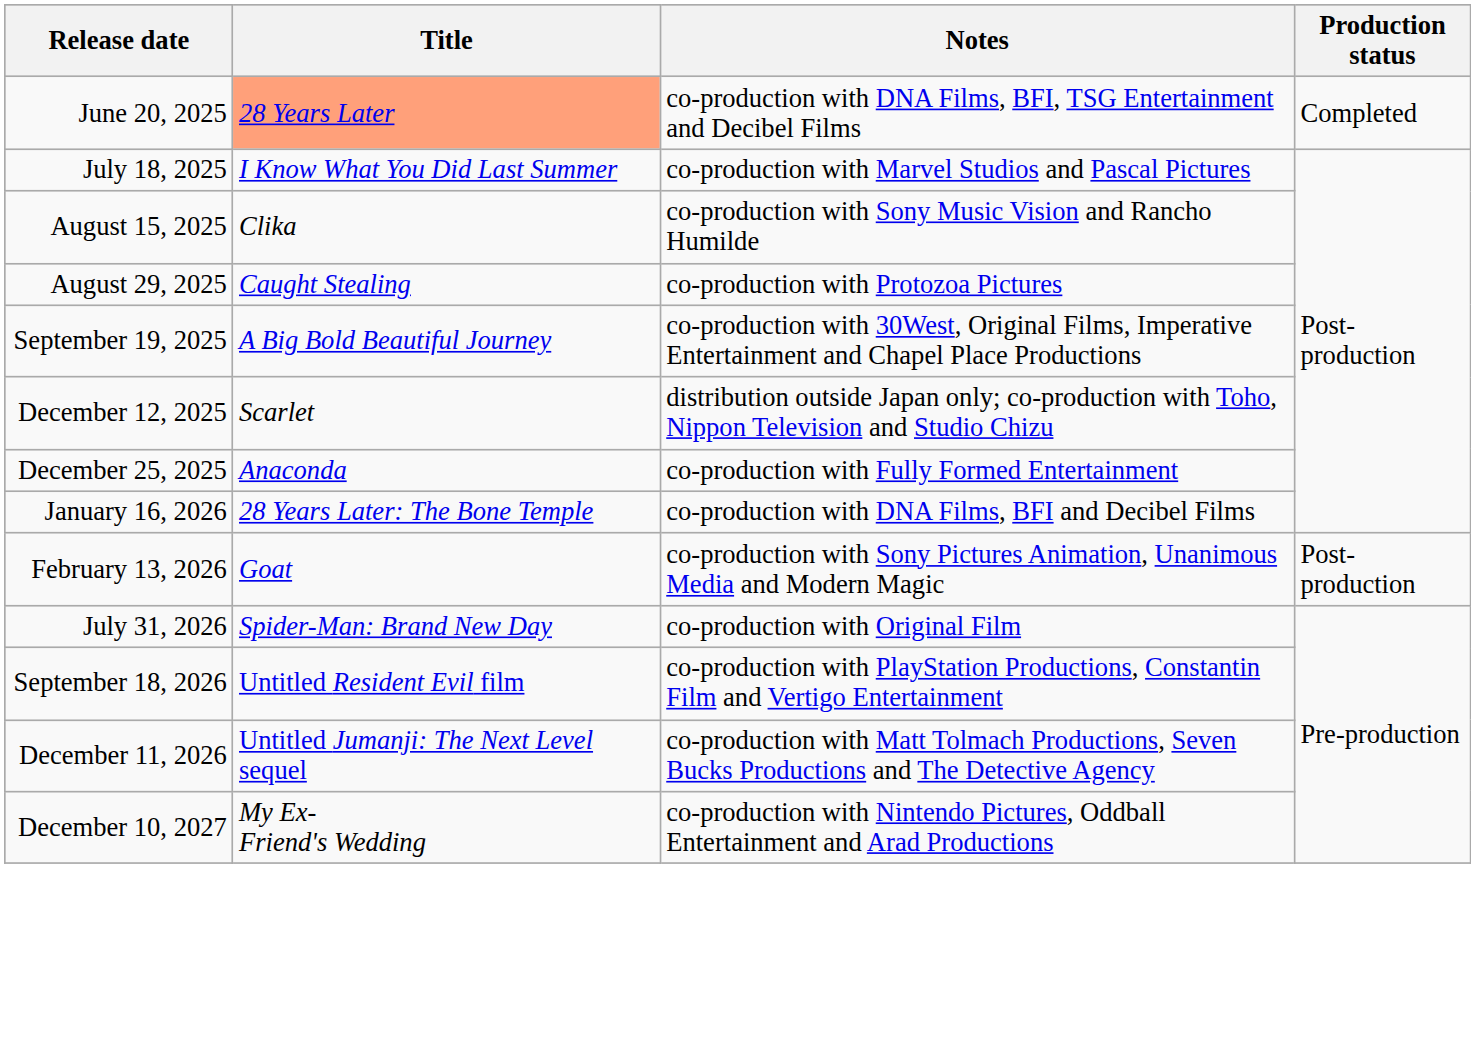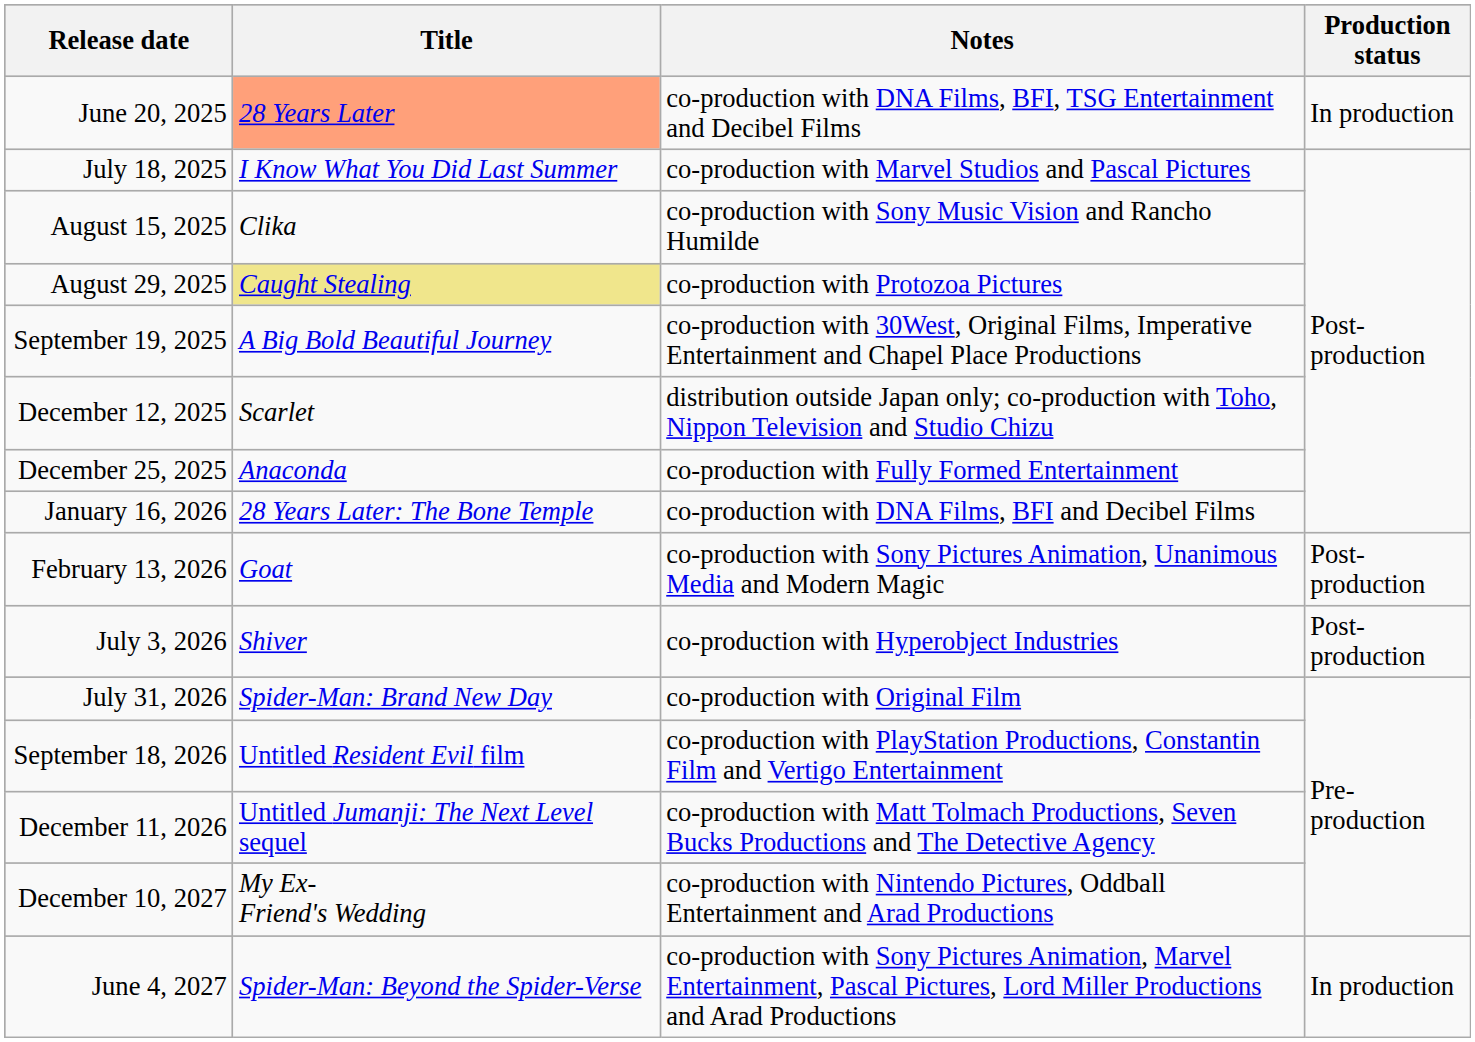 <table class="wikitable sortable" style="width:100%;">
 <tr>
 <th scope="col" style="width:130px;">Release date</th>
 <th scope="col" style="width:250px;">Title</th>
 <th>Notes</th>
 <th>Production status</th>
 </tr>
 <tr>
 <td style="text-align:right;">June 20, 2025</td>
 <td style="background: lightsalmon;"><em><a href='#'>28 Years Later</a></em></td>
 <td>co-production with <a href='#'>DNA Films</a>, <a href='#'>BFI</a>, <a href='#'>TSG Entertainment</a> and Decibel Films</td>
-<td>Completed</td>
+<td>In production</td>
 </tr>
 <tr>
 <td style="text-align:right;">July 18, 2025</td>
 <td><em><a href='#'>I Know What You Did Last Summer</a></em></td>
 <td>co-production with <a href='#'>Marvel Studios</a> and <a href='#'>Pascal Pictures</a></td>
 <td rowspan="7">Post-production</td>
 </tr>
 <tr>
 <td style="text-align:right;">August 15, 2025</td>
 <td><em>Clika</em></td>
 <td>co-production with <a href='#'>Sony Music Vision</a> and Rancho Humilde</td>
 </tr>
 <tr>
 <td style="text-align:right;">August 29, 2025</td>
-<td><em><a href='#'>Caught Stealing</a></em></td>
+<td style="background: khaki;"><em><a href='#'>Caught Stealing</a></em></td>
 <td>co-production with <a href='#'>Protozoa Pictures</a></td>
 </tr>
 <tr>
 <td style="text-align:right;">September 19, 2025</td>
 <td><em><a href='#'>A Big Bold Beautiful Journey</a></em></td>
 <td>co-production with <a href='#'>30West</a>, Original Films, Imperative Entertainment and Chapel Place Productions</td>
 </tr>
 <tr>
 <td style="text-align:right;">December 12, 2025</td>
 <td><em>Scarlet</em></td>
 <td>distribution outside Japan only; co-production with <a href='#'>Toho</a>, <a href='#'>Nippon Television</a> and <a href='#'>Studio Chizu</a></td>
 </tr>
 <tr>
 <td style="text-align:right;">December 25, 2025</td>
 <td><em><a href='#'>Anaconda</a></em></td>
 <td>co-production with <a href='#'>Fully Formed Entertainment</a></td>
 </tr>
 <tr>
 <td style="text-align:right;">January 16, 2026</td>
 <td><em><a href='#'>28 Years Later: The Bone Temple</a></em></td>
 <td>co-production with <a href='#'>DNA Films</a>, <a href='#'>BFI</a> and Decibel Films</td>
 </tr>
 <tr>
 <td style="text-align:right;">February 13, 2026</td>
 <td><em><a href='#'>Goat</a></em></td>
 <td>co-production with <a href='#'>Sony Pictures Animation</a>, <a href='#'>Unanimous Media</a> and Modern Magic</td>
 <td>Post-production</td>
 </tr>
 <tr>
+<td style="text-align:right;">July 3, 2026</td>
+<td><em><a href='#'>Shiver</a></em></td>
+<td>co-production with <a href='#'>Hyperobject Industries</a></td>
+<td>Post-production</td>
+</tr>
+<tr>
 <td style="text-align:right;">July 31, 2026</td>
 <td><em><a href='#'>Spider-Man: Brand New Day</a></em></td>
 <td>co-production with <a href='#'>Original Film</a></td>
 <td rowspan="4">Pre-production</td>
 </tr>
 <tr>
 <td style="text-align:right;">September 18, 2026</td>
 <td><a href='#'>Untitled <em>Resident Evil</em> film</a></td>
 <td>co-production with <a href='#'>PlayStation Productions</a>, <a href='#'>Constantin Film</a> and <a href='#'>Vertigo Entertainment</a></td>
 </tr>
 <tr>
 <td style="text-align:right;">December 11, 2026</td>
 <td><a href='#'>Untitled <em>Jumanji: The Next Level</em> sequel</a></td>
 <td>co-production with <a href='#'>Matt Tolmach Productions</a>, <a href='#'>Seven Bucks Productions</a> and <a href='#'>The Detective Agency</a></td>
 </tr>
 <tr>
 <td style="text-align:right;">December 10, 2027</td>
 <td><em>My Ex-</em><br><em>Friend's</em> <em>Wedding</em></td>
 <td>co-production with <a href='#'>Nintendo Pictures</a>, Oddball Entertainment and <a href='#'>Arad Productions</a></td>
 </tr>
+<tr>
+<td style="text-align:right;">June 4, 2027</td>
+<td><em><a href='#'>Spider-Man: Beyond the Spider-Verse</a></em></td>
+<td>co-production with <a href='#'>Sony Pictures Animation</a>, <a href='#'>Marvel Entertainment</a>, <a href='#'>Pascal Pictures</a>, <a href='#'>Lord Miller Productions</a> and Arad Productions</td>
+<td>In production</td>
+</tr>
 </table>
